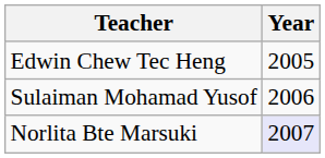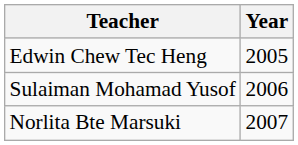 <table class="wikitable">
 <tr>
 <th>Teacher</th>
 <th>Year</th>
 </tr>
 <tr>
 <td>Edwin Chew Tec Heng</td>
 <td>2005</td>
 </tr>
 <tr>
 <td>Sulaiman Mohamad Yusof</td>
 <td>2006</td>
 </tr>
 <tr>
 <td>Norlita Bte Marsuki</td>
-<td style="background: lavender;">2007</td>
+<td>2007</td>
 </tr>
 </table>
